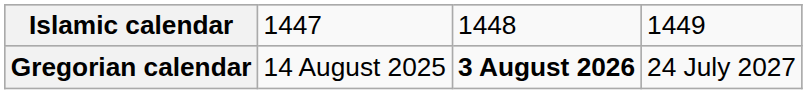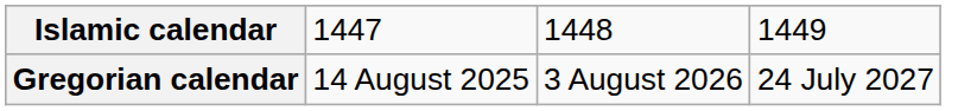 <table class="wikitable">
 <tr>
 <th><strong>Islamic calendar</strong></th>
 <td>1447</td>
 <td>1448</td>
 <td>1449</td>
 </tr>
 <tr>
 <th><strong>Gregorian calendar</strong></th>
 <td>14 August 2025</td>
-<td><strong>3 August 2026</strong></td>
+<td>3 August 2026</td>
 <td>24 July 2027</td>
 </tr>
 </table>
